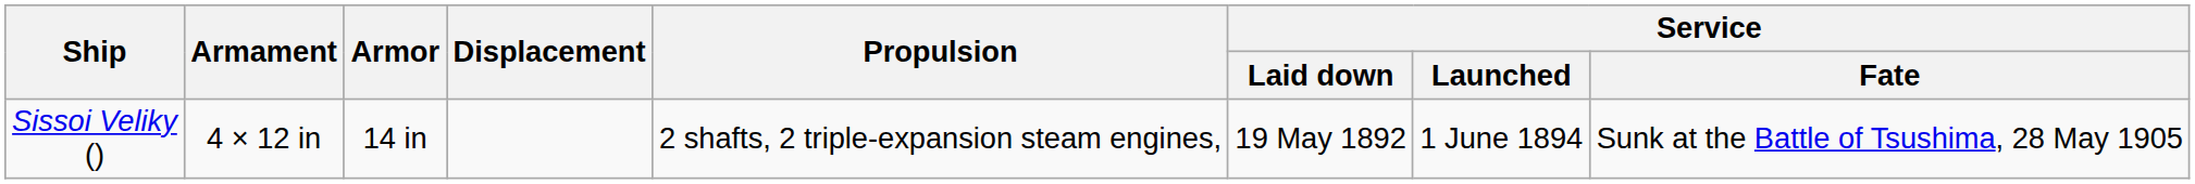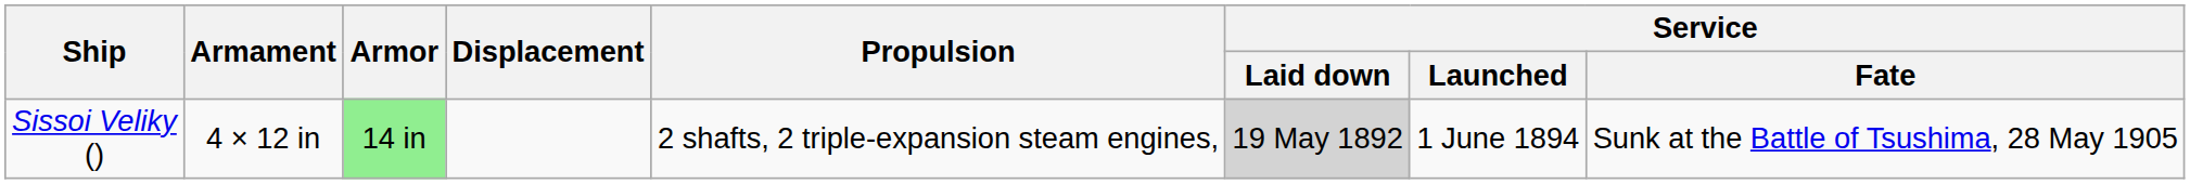 <table class="wikitable">
 <tr valign="center">
 <th align= center rowspan=2>Ship</th>
 <th align= center rowspan=2>Armament</th>
 <th align= center rowspan=2>Armor</th>
 <th align= center rowspan=2>Displacement</th>
 <th align= center rowspan=2>Propulsion</th>
 <th align= center colspan=3>Service</th>
 </tr>
 <tr valign="top">
 <th align= center>Laid down</th>
 <th align= center>Launched</th>
 <th align= center>Fate</th>
 </tr>
 <tr valign="center">
 <td align= center><em><a href='#'>Sissoi Veliky</a></em><br>()</td>
 <td align= center>4 × 12 in</td>
-<td align= center>14 in</td>
+<td align= center style="background: lightgreen;">14 in</td>
 <td align= center></td>
 <td align= center>2 shafts, 2 triple-expansion steam engines, </td>
-<td align= center>19 May 1892</td>
+<td align= center style="background: lightgrey;">19 May 1892</td>
 <td align= center>1 June 1894</td>
 <td align= center>Sunk at the <a href='#'>Battle of Tsushima</a>, 28 May 1905</td>
 </tr>
 </table>
